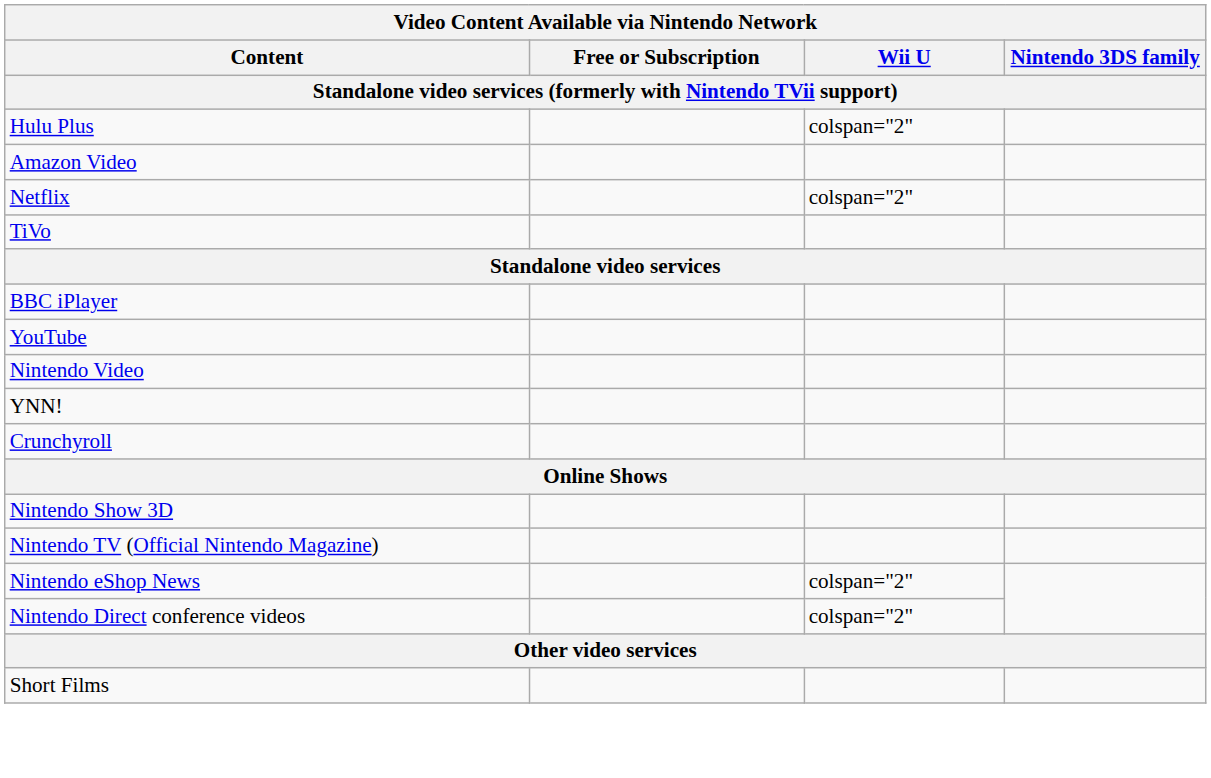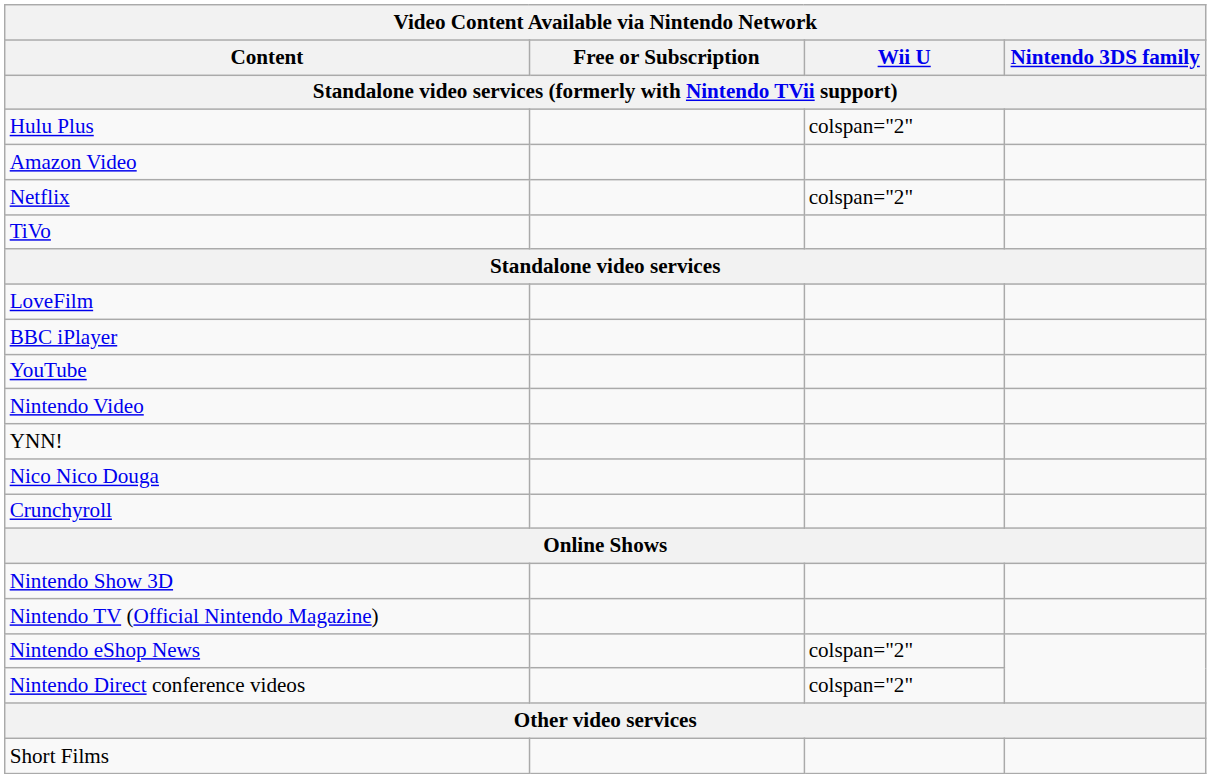 <table class="wikitable collapsible" style="font-size: 90%;">
 <tr>
 <th colspan="4">Video Content Available via Nintendo Network</th>
 </tr>
 <tr>
 <th style="width:350px;">Content</th>
 <th style="width:180px;">Free or Subscription</th>
 <th style="width:130px;"><a href='#'>Wii U</a></th>
 <th style="width:130px;"><a href='#'>Nintendo 3DS family</a></th>
 </tr>
 <tr>
 <th colspan="4">Standalone video services (formerly with <a href='#'>Nintendo TVii</a> support)</th>
 </tr>
 <tr>
 <td><a href='#'>Hulu Plus</a> </td>
 <td></td>
 <td>colspan="2" <br></td>
 </tr>
 <tr>
 <td><a href='#'>Amazon Video</a> </td>
 <td><br></td>
 <td><br></td>
 <td></td>
 </tr>
 <tr>
 <td><a href='#'>Netflix</a></td>
 <td></td>
 <td>colspan="2" <br></td>
 </tr>
 <tr>
 <td><a href='#'>TiVo</a></td>
 <td></td>
 <td></td>
 <td></td>
 </tr>
 <tr>
 <th colspan="4">Standalone video services</th>
 </tr>
 <tr>
+<td><a href='#'>LoveFilm</a> </td>
+<td></td>
+<td></td>
+<td></td>
+</tr>
+<tr>
 <td><a href='#'>BBC iPlayer</a> </td>
 <td></td>
 <td><br></td>
 <td></td>
 </tr>
 <tr>
 <td><a href='#'>YouTube</a></td>
 <td></td>
 <td><br></td>
 <td><br></td>
 </tr>
 <tr>
 <td><a href='#'>Nintendo Video</a></td>
 <td></td>
 <td></td>
 <td><br></td>
 </tr>
 <tr>
 <td>YNN!</td>
 <td></td>
 <td><br></td>
 <td></td>
+</tr>
+<tr>
+<td><a href='#'>Nico Nico Douga</a> </td>
+<td></td>
+<td><br></td>
+<td><br></td>
 </tr>
 <tr>
 <td><a href='#'>Crunchyroll</a> </td>
 <td><br></td>
 <td><br></td>
 <td></td>
 </tr>
 <tr>
 <th colspan="4">Online Shows</th>
 </tr>
 <tr>
 <td><a href='#'>Nintendo Show 3D</a> </td>
 <td></td>
 <td></td>
 <td><br></td>
 </tr>
 <tr>
 <td><a href='#'>Nintendo TV</a> (<a href='#'>Official Nintendo Magazine</a>) </td>
 <td></td>
 <td></td>
 <td><br></td>
 </tr>
 <tr>
 <td><a href='#'>Nintendo eShop News</a></td>
 <td></td>
 <td>colspan="2" <br></td>
 </tr>
 <tr>
 <td><a href='#'>Nintendo Direct</a> conference videos</td>
 <td></td>
 <td>colspan="2" <br></td>
 </tr>
 <tr>
 <th colspan="4">Other video services</th>
 </tr>
 <tr>
 <td>Short Films</td>
 <td></td>
 <td></td>
 <td></td>
 </tr>
 </table>
